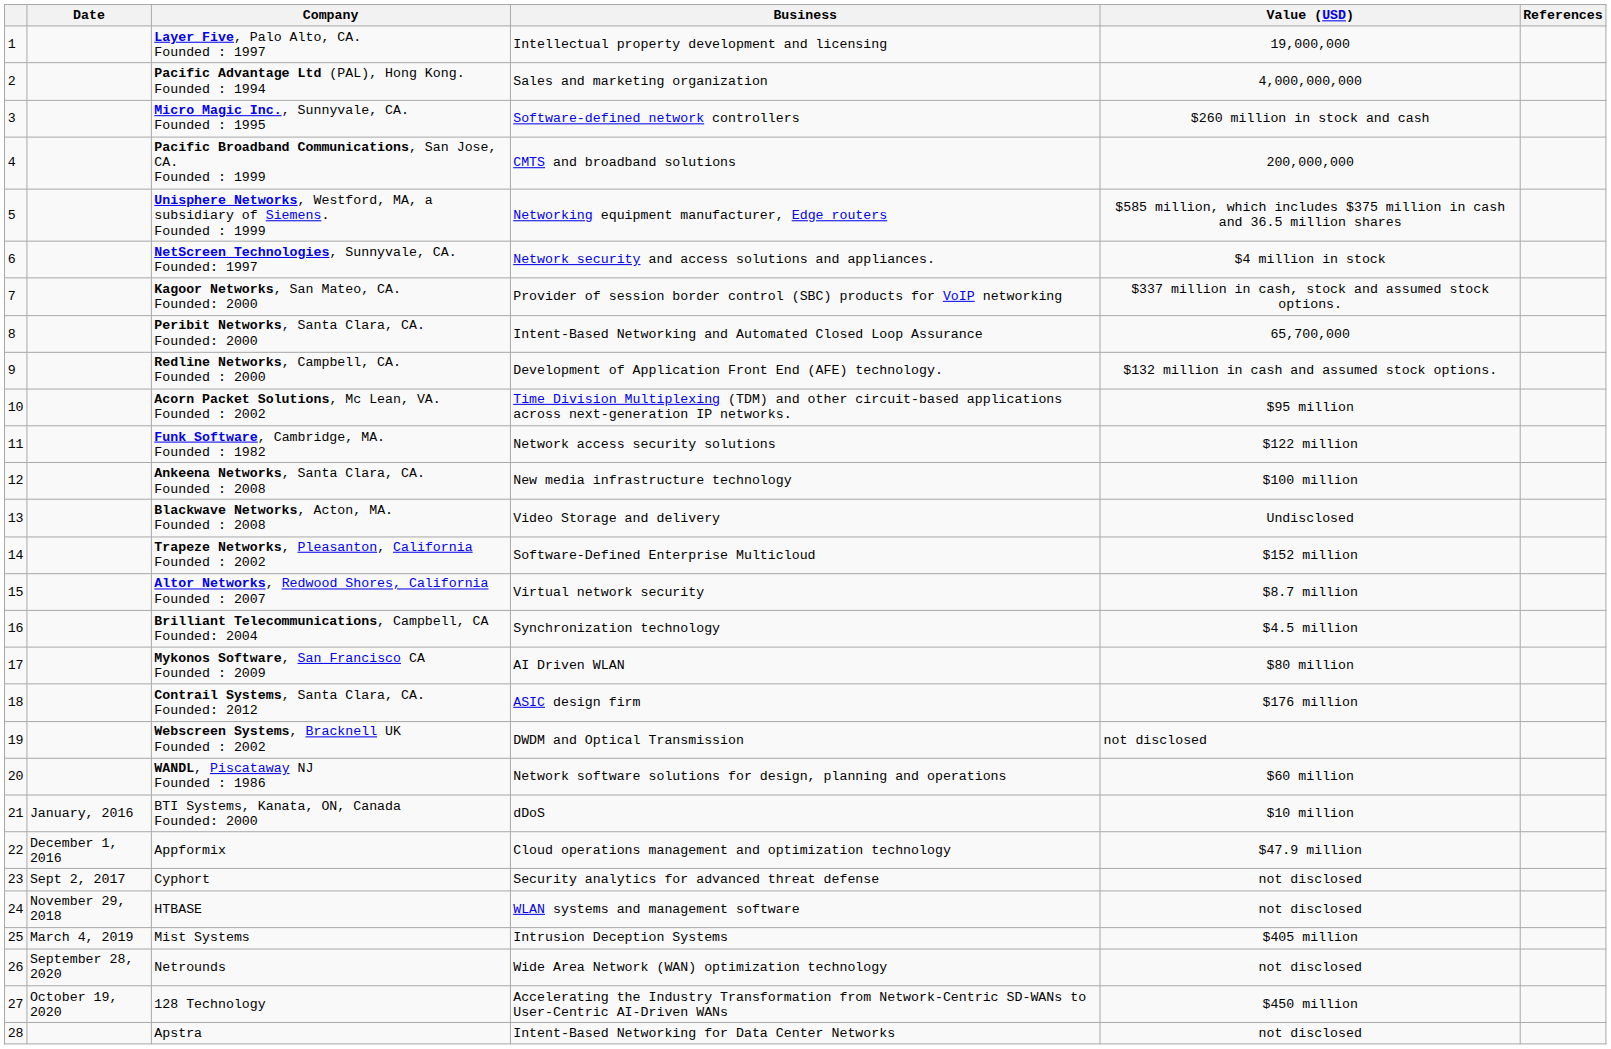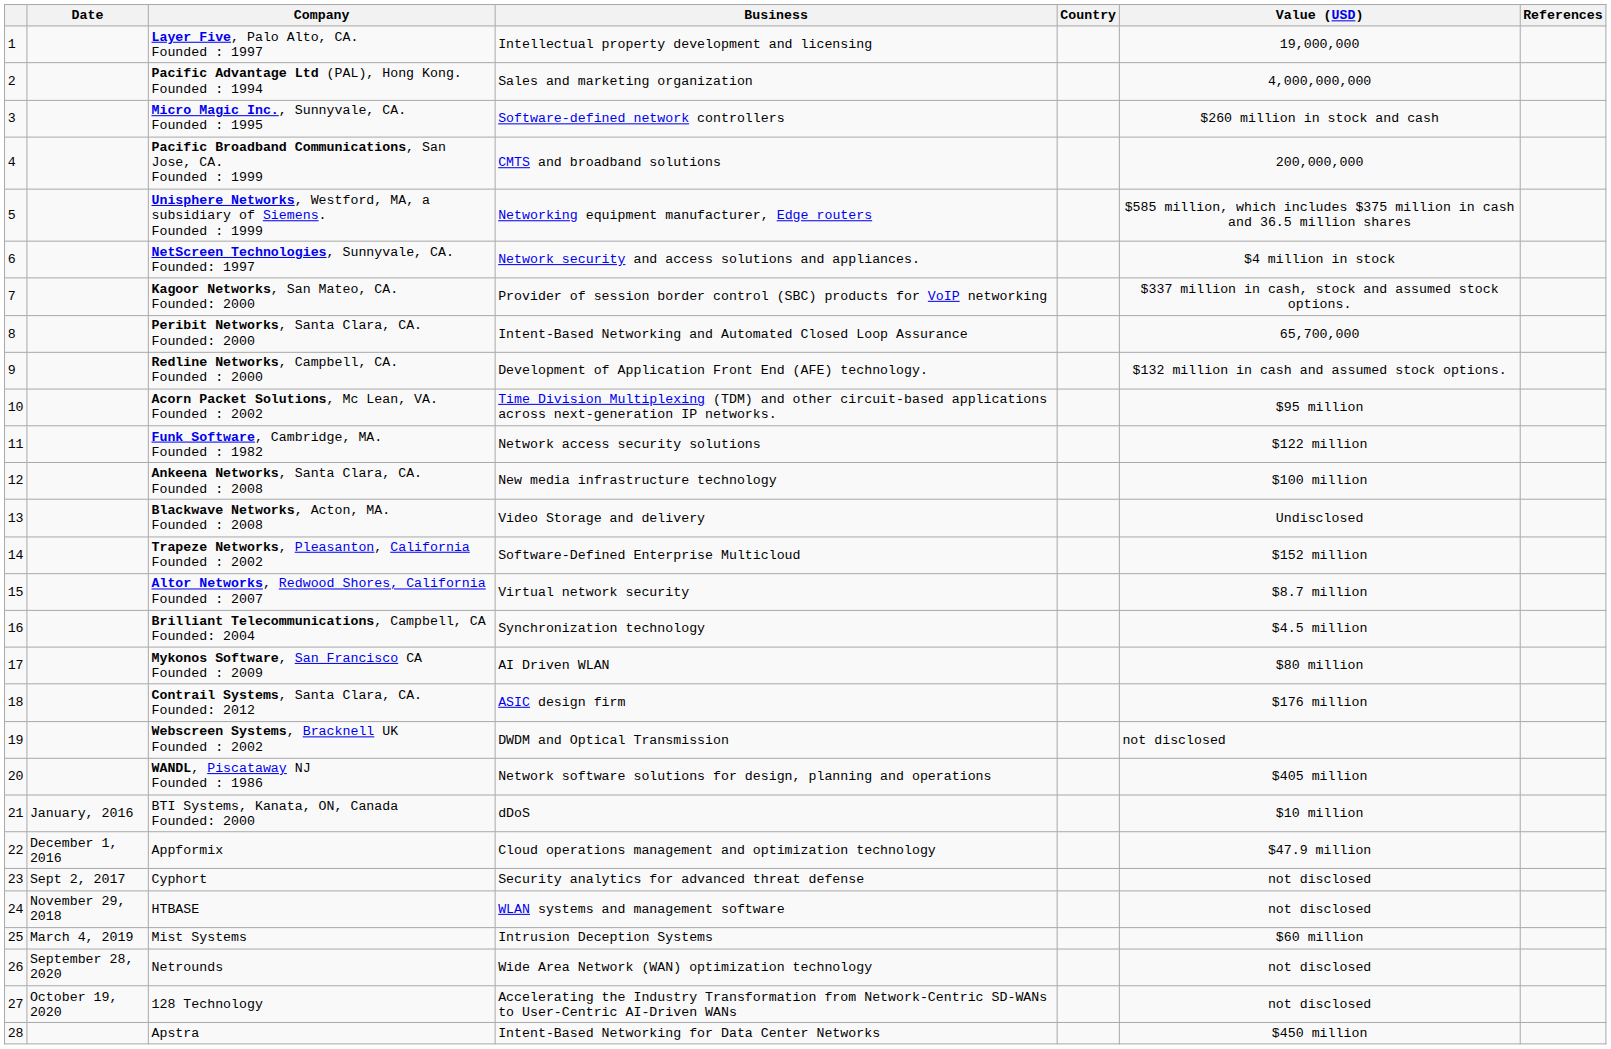 <table class="wikitable sortable">
 <tr>
 <th></th>
 <th>Date</th>
 <th>Company</th>
 <th class="unsortable">Business</th>
+<th>Country</th>
 <th>Value (<a href='#'>USD</a>)</th>
 <th class="unsortable">References</th>
 </tr>
 <tr>
 <td>1</td>
 <td></td>
 <td><strong><a href='#'>Layer Five</a></strong>, Palo Alto, CA. <br> Founded : 1997</td>
 <td>Intellectual property development and licensing</td>
+<td></td>
 <td align="center">19,000,000</td>
 <td align="center"></td>
 </tr>
 <tr>
 <td>2</td>
 <td></td>
 <td><strong>Pacific Advantage Ltd</strong> (PAL), Hong Kong. <br> Founded : 1994</td>
 <td>Sales and marketing organization</td>
+<td></td>
 <td align="center">4,000,000,000</td>
 <td align="center"></td>
 </tr>
 <tr>
 <td>3</td>
 <td></td>
 <td><strong><a href='#'>Micro Magic Inc.</a></strong>, Sunnyvale, CA. <br> Founded : 1995</td>
 <td><a href='#'>Software-defined network</a> controllers</td>
+<td></td>
 <td align="center">$260 million in stock and cash</td>
 <td align="center"></td>
 </tr>
 <tr>
 <td>4</td>
 <td></td>
 <td><strong>Pacific Broadband Communications</strong>, San Jose, CA. <br> Founded : 1999</td>
 <td><a href='#'>CMTS</a> and broadband solutions</td>
+<td></td>
 <td align="center">200,000,000</td>
 <td align="center"></td>
 </tr>
 <tr>
 <td>5</td>
 <td></td>
 <td><strong><a href='#'>Unisphere Networks</a></strong>, Westford, MA, a subsidiary of <a href='#'>Siemens</a>.<br> Founded : 1999</td>
 <td><a href='#'>Networking</a> equipment manufacturer, <a href='#'>Edge routers</a></td>
+<td></td>
 <td align="center">$585 million, which includes $375 million in cash and 36.5 million shares</td>
 <td align="center"></td>
 </tr>
 <tr>
 <td>6</td>
 <td></td>
 <td><strong><a href='#'>NetScreen Technologies</a></strong>, Sunnyvale, CA. <br> Founded: 1997</td>
 <td><a href='#'>Network security</a> and access solutions and appliances.</td>
+<td></td>
 <td align="center">$4 million in stock</td>
 <td align="center"></td>
 </tr>
 <tr>
 <td>7</td>
 <td></td>
 <td><strong>Kagoor Networks</strong>, San Mateo, CA. <br> Founded: 2000</td>
 <td>Provider of session border control (SBC) products for <a href='#'>VoIP</a> networking</td>
+<td></td>
 <td align="center">$337 million in cash, stock and assumed stock options.</td>
 <td align="center"></td>
 </tr>
 <tr>
 <td>8</td>
 <td></td>
 <td><strong>Peribit Networks</strong>, Santa Clara, CA. <br> Founded: 2000</td>
 <td>Intent-Based Networking and Automated Closed Loop Assurance</td>
+<td></td>
 <td align="center">65,700,000</td>
 <td align="center"></td>
 </tr>
 <tr>
 <td>9</td>
 <td></td>
 <td><strong>Redline Networks</strong>, Campbell, CA. <br> Founded : 2000</td>
 <td>Development of Application Front End (AFE) technology.</td>
+<td></td>
 <td align="center">$132 million in cash and assumed stock options.</td>
 <td align="center"></td>
 </tr>
 <tr>
 <td>10</td>
 <td></td>
 <td><strong>Acorn Packet Solutions</strong>, Mc Lean, VA. <br> Founded : 2002</td>
 <td><a href='#'>Time Division Multiplexing</a> (TDM) and other circuit-based applications across next-generation IP networks.</td>
+<td></td>
 <td align="center">$95 million</td>
 <td align="center"></td>
 </tr>
 <tr>
 <td>11</td>
 <td></td>
 <td><strong><a href='#'>Funk Software</a></strong>, Cambridge, MA. <br> Founded : 1982</td>
 <td>Network access security solutions</td>
+<td></td>
 <td align="center">$122 million</td>
 <td align="center"></td>
 </tr>
 <tr>
 <td>12</td>
 <td></td>
 <td><strong>Ankeena Networks</strong>, Santa Clara, CA. <br> Founded : 2008</td>
 <td>New media infrastructure technology</td>
+<td></td>
 <td align="center">$100 million</td>
 <td align="center"><br> </td>
 </tr>
 <tr>
 <td>13</td>
 <td></td>
 <td><strong>Blackwave Networks</strong>, Acton, MA. <br> Founded : 2008</td>
 <td>Video Storage and delivery</td>
+<td></td>
 <td align="center">Undisclosed</td>
 <td align="center"><br></td>
 </tr>
 <tr>
 <td>14</td>
 <td></td>
 <td><strong>Trapeze Networks</strong>, <a href='#'>Pleasanton</a>, <a href='#'>California</a> <br> Founded : 2002</td>
 <td>Software-Defined Enterprise Multicloud</td>
+<td></td>
 <td align="center">$152 million</td>
 <td align="center"><br> </td>
 </tr>
 <tr>
 <td>15</td>
 <td></td>
 <td><strong><a href='#'>Altor Networks</a></strong>, <a href='#'>Redwood Shores, California</a> <br> Founded : 2007</td>
 <td>Virtual network security</td>
+<td></td>
 <td align="center">$8.7 million</td>
 <td align="center"><br> </td>
 </tr>
 <tr>
 <td>16</td>
 <td></td>
 <td><strong>Brilliant Telecommunications</strong>, Campbell, CA<br> Founded: 2004</td>
 <td>Synchronization technology</td>
+<td></td>
 <td align="center">$4.5 million</td>
 <td align="center"></td>
 </tr>
 <tr>
 <td>17</td>
 <td></td>
 <td><strong>Mykonos Software</strong>, <a href='#'>San Francisco</a> CA <br> Founded : 2009</td>
 <td>AI Driven WLAN</td>
+<td></td>
 <td align="center">$80 million</td>
 <td align="center"><br></td>
 </tr>
 <tr>
 <td>18</td>
 <td></td>
 <td><strong>Contrail Systems</strong>, Santa Clara, CA. <br> Founded: 2012</td>
 <td><a href='#'>ASIC</a> design firm</td>
+<td></td>
 <td align="center">$176 million</td>
 <td align="center"></td>
 </tr>
 <tr>
 <td>19</td>
 <td></td>
 <td><strong>Webscreen Systems</strong>, <a href='#'>Bracknell</a> UK <br> Founded : 2002</td>
 <td>DWDM and Optical Transmission</td>
+<td></td>
 <td>not disclosed</td>
 <td align="center"><br></td>
 </tr>
 <tr>
 <td>20</td>
 <td></td>
 <td><strong>WANDL</strong>, <a href='#'>Piscataway</a> NJ <br> Founded : 1986</td>
 <td>Network software solutions for design, planning and operations</td>
-<td align="center">$60 million</td>
+<td></td>
+<td align="center">$405 million</td>
 <td align="center"><br></td>
 </tr>
 <tr>
 <td>21</td>
 <td>January, 2016</td>
 <td>BTI Systems, Kanata, ON, Canada<br>Founded: 2000</td>
 <td>dDoS</td>
+<td></td>
 <td align="center">$10 million</td>
 <td></td>
 </tr>
 <tr>
 <td>22</td>
 <td>December 1, 2016</td>
 <td>Appformix</td>
 <td>Cloud operations management and optimization technology</td>
+<td></td>
 <td align="center">$47.9 million</td>
 <td></td>
 </tr>
 <tr>
 <td>23</td>
 <td>Sept 2, 2017</td>
 <td>Cyphort</td>
 <td>Security analytics for advanced threat defense</td>
+<td></td>
 <td align="center">not disclosed</td>
 <td></td>
 </tr>
 <tr>
 <td>24</td>
 <td>November 29, 2018</td>
 <td>HTBASE</td>
 <td><a href='#'>WLAN</a> systems and management software</td>
+<td></td>
 <td align="center">not disclosed</td>
 <td align="center"><br></td>
 </tr>
 <tr>
 <td>25</td>
 <td>March 4, 2019</td>
 <td>Mist Systems</td>
 <td>Intrusion Deception Systems</td>
-<td align="center">$405 million</td>
+<td></td>
+<td align="center">$60 million</td>
 <td align="center"><br></td>
 </tr>
 <tr>
 <td>26</td>
 <td>September 28, 2020</td>
 <td>Netrounds</td>
 <td>Wide Area Network (WAN) optimization technology</td>
+<td></td>
 <td align="center">not disclosed</td>
 <td align="center"><br></td>
 </tr>
 <tr>
 <td>27</td>
 <td>October 19, 2020</td>
 <td>128 Technology</td>
 <td>Accelerating the Industry Transformation from Network-Centric SD-WANs to User-Centric AI-Driven WANs</td>
-<td align="center">$450 million</td>
+<td></td>
+<td align="center">not disclosed</td>
 <td align="center"><br></td>
 </tr>
 <tr>
 <td>28</td>
 <td></td>
 <td>Apstra</td>
 <td>Intent-Based Networking for Data Center Networks</td>
-<td align="center">not disclosed</td>
+<td></td>
+<td align="center">$450 million</td>
 <td align="center"><br></td>
 </tr>
 </table>
